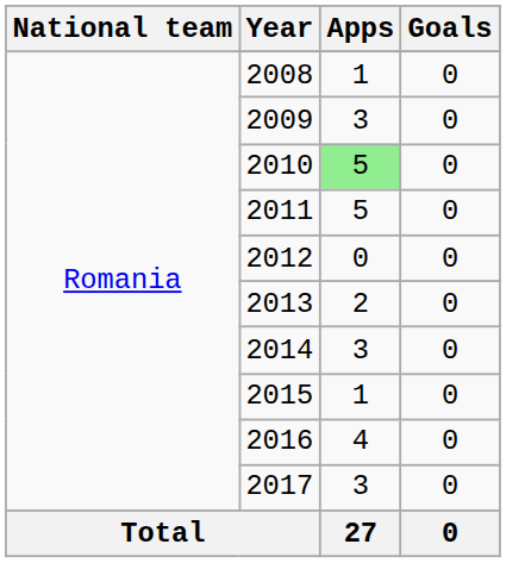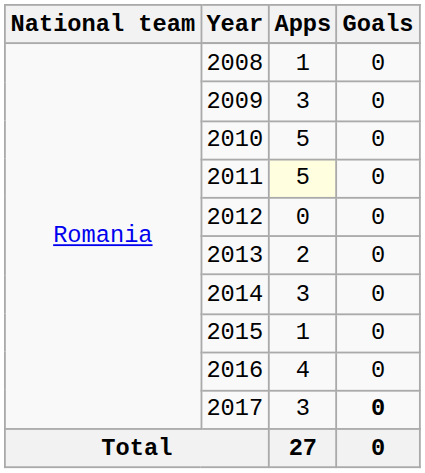 <table class=wikitable style="text-align: center;">
 <tr>
 <th>National team</th>
 <th>Year</th>
 <th>Apps</th>
 <th>Goals</th>
 </tr>
 <tr>
 <td rowspan="11"><a href='#'>Romania</a></td>
 </tr>
 <tr>
 <td>2008</td>
 <td>1</td>
 <td>0</td>
 </tr>
 <tr>
 <td>2009</td>
 <td>3</td>
 <td>0</td>
 </tr>
 <tr>
 <td>2010</td>
-<td style="background: lightgreen;">5</td>
+<td>5</td>
 <td>0</td>
 </tr>
 <tr>
 <td>2011</td>
-<td>5</td>
+<td style="background: lightyellow;">5</td>
 <td>0</td>
 </tr>
 <tr>
 <td>2012</td>
 <td>0</td>
 <td>0</td>
 </tr>
 <tr>
 <td>2013</td>
 <td>2</td>
 <td>0</td>
 </tr>
 <tr>
 <td>2014</td>
 <td>3</td>
 <td>0</td>
 </tr>
 <tr>
 <td>2015</td>
 <td>1</td>
 <td>0</td>
 </tr>
 <tr>
 <td>2016</td>
 <td>4</td>
 <td>0</td>
 </tr>
 <tr>
 <td>2017</td>
 <td>3</td>
-<td>0</td>
+<td><strong>0</strong></td>
 </tr>
 <tr>
 <th colspan=2>Total</th>
 <th>27</th>
 <th>0</th>
 </tr>
 </table>
